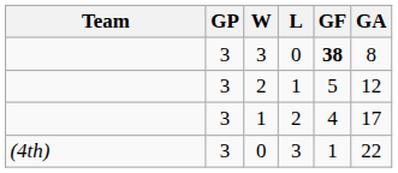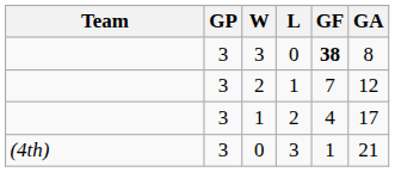 <table class="wikitable" style="text-align:center">
 <tr>
 <th width="150">Team</th>
 <th width="20">GP</th>
 <th width="20">W</th>
 <th width="20">L</th>
 <th width="20">GF</th>
 <th width="20">GA</th>
 </tr>
 <tr>
 <td align=left></td>
 <td>3</td>
 <td>3</td>
 <td>0</td>
 <td><strong>38</strong></td>
 <td>8</td>
 </tr>
 <tr>
 <td align=left></td>
 <td>3</td>
 <td>2</td>
 <td>1</td>
-<td>5</td>
+<td>7</td>
 <td>12</td>
 </tr>
 <tr>
 <td align=left></td>
 <td>3</td>
 <td>1</td>
 <td>2</td>
 <td>4</td>
 <td>17</td>
 </tr>
 <tr>
 <td align=left> <em>(4th)</em></td>
 <td>3</td>
 <td>0</td>
 <td>3</td>
 <td>1</td>
-<td>22</td>
+<td>21</td>
 </tr>
 </table>
